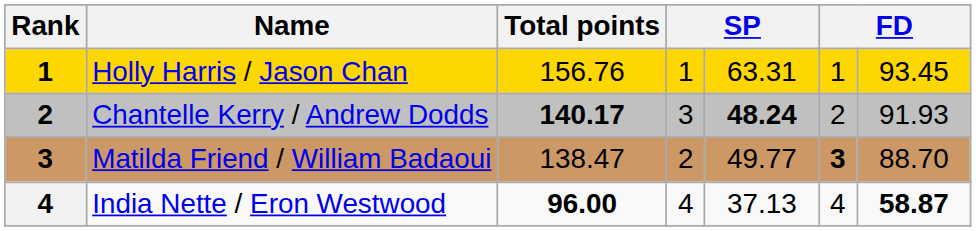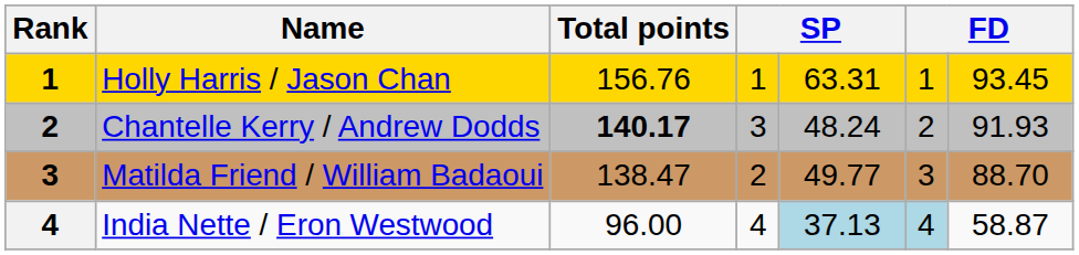 <table class="wikitable sortable">
 <tr>
 <th>Rank</th>
 <th>Name</th>
 <th>Total points</th>
 <th colspan="2" width="80px"><a href='#'>SP</a></th>
 <th colspan="2" width="80px"><a href='#'>FD</a></th>
 </tr>
 <tr bgcolor="gold">
 <td align="center"><strong>1</strong></td>
 <td><a href='#'>Holly Harris</a> / <a href='#'>Jason Chan</a></td>
 <td align="center">156.76</td>
 <td align="center">1</td>
 <td align="center">63.31</td>
 <td align="center">1</td>
 <td align="center">93.45</td>
 </tr>
 <tr bgcolor="silver">
 <td align="center"><strong>2</strong></td>
 <td><a href='#'>Chantelle Kerry</a> / <a href='#'>Andrew Dodds</a></td>
 <td align="center"><strong>140.17</strong></td>
 <td align="center">3</td>
-<td align="center"><strong>48.24</strong></td>
+<td align="center">48.24</td>
 <td align="center">2</td>
 <td align="center">91.93</td>
 </tr>
 <tr bgcolor="cc9966">
 <td align="center"><strong>3</strong></td>
 <td><a href='#'>Matilda Friend</a> / <a href='#'>William Badaoui</a></td>
 <td align="center">138.47</td>
 <td align="center">2</td>
 <td align="center">49.77</td>
-<td align="center"><strong>3</strong></td>
+<td align="center">3</td>
 <td align="center">88.70</td>
 </tr>
 <tr>
 <th>4</th>
 <td><a href='#'>India Nette</a> / <a href='#'>Eron Westwood</a></td>
-<td align="center"><strong>96.00</strong></td>
+<td align="center">96.00</td>
 <td align="center">4</td>
-<td align="center">37.13</td>
-<td align="center">4</td>
-<td align="center"><strong>58.87</strong></td>
+<td align="center" style="background: lightblue;">37.13</td>
+<td align="center" style="background: lightblue;">4</td>
+<td align="center">58.87</td>
 </tr>
 </table>
